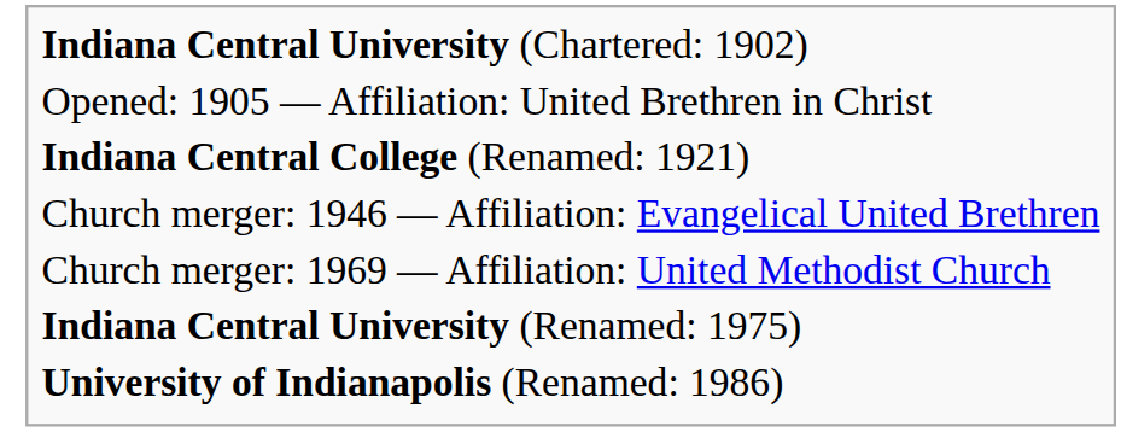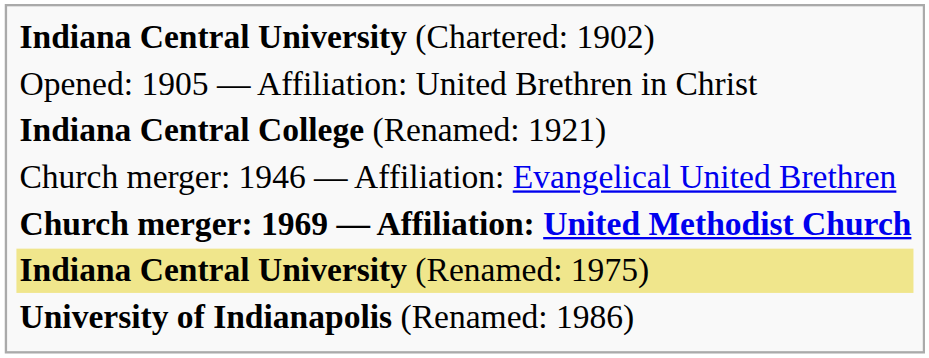 <table class="infobox" cellpadding="1" cellspacing="1" style="font-size: 90%;">
 <tr>
 <td> <strong>Indiana Central University</strong> (Chartered: 1902)</td>
 </tr>
 <tr>
 <td> Opened: 1905 — Affiliation: United Brethren in Christ</td>
 </tr>
 <tr>
 <td> <strong>Indiana Central College</strong> (Renamed: 1921)</td>
 </tr>
 <tr>
 <td> Church merger: 1946 — Affiliation: <a href='#'>Evangelical United Brethren</a></td>
 </tr>
 <tr>
-<td> Church merger: 1969 — Affiliation: <a href='#'>United Methodist Church</a></td>
+<td><strong> Church merger: 1969 — Affiliation: <a href='#'>United Methodist Church</a></strong></td>
 </tr>
 <tr>
-<td> <strong>Indiana Central University</strong> (Renamed: 1975)</td>
+<td style="background: khaki;"> <strong>Indiana Central University</strong> (Renamed: 1975)</td>
 </tr>
 <tr>
 <td> <strong>University of Indianapolis</strong> (Renamed: 1986)</td>
 </tr>
 <tr>
 </tr>
 </table>
